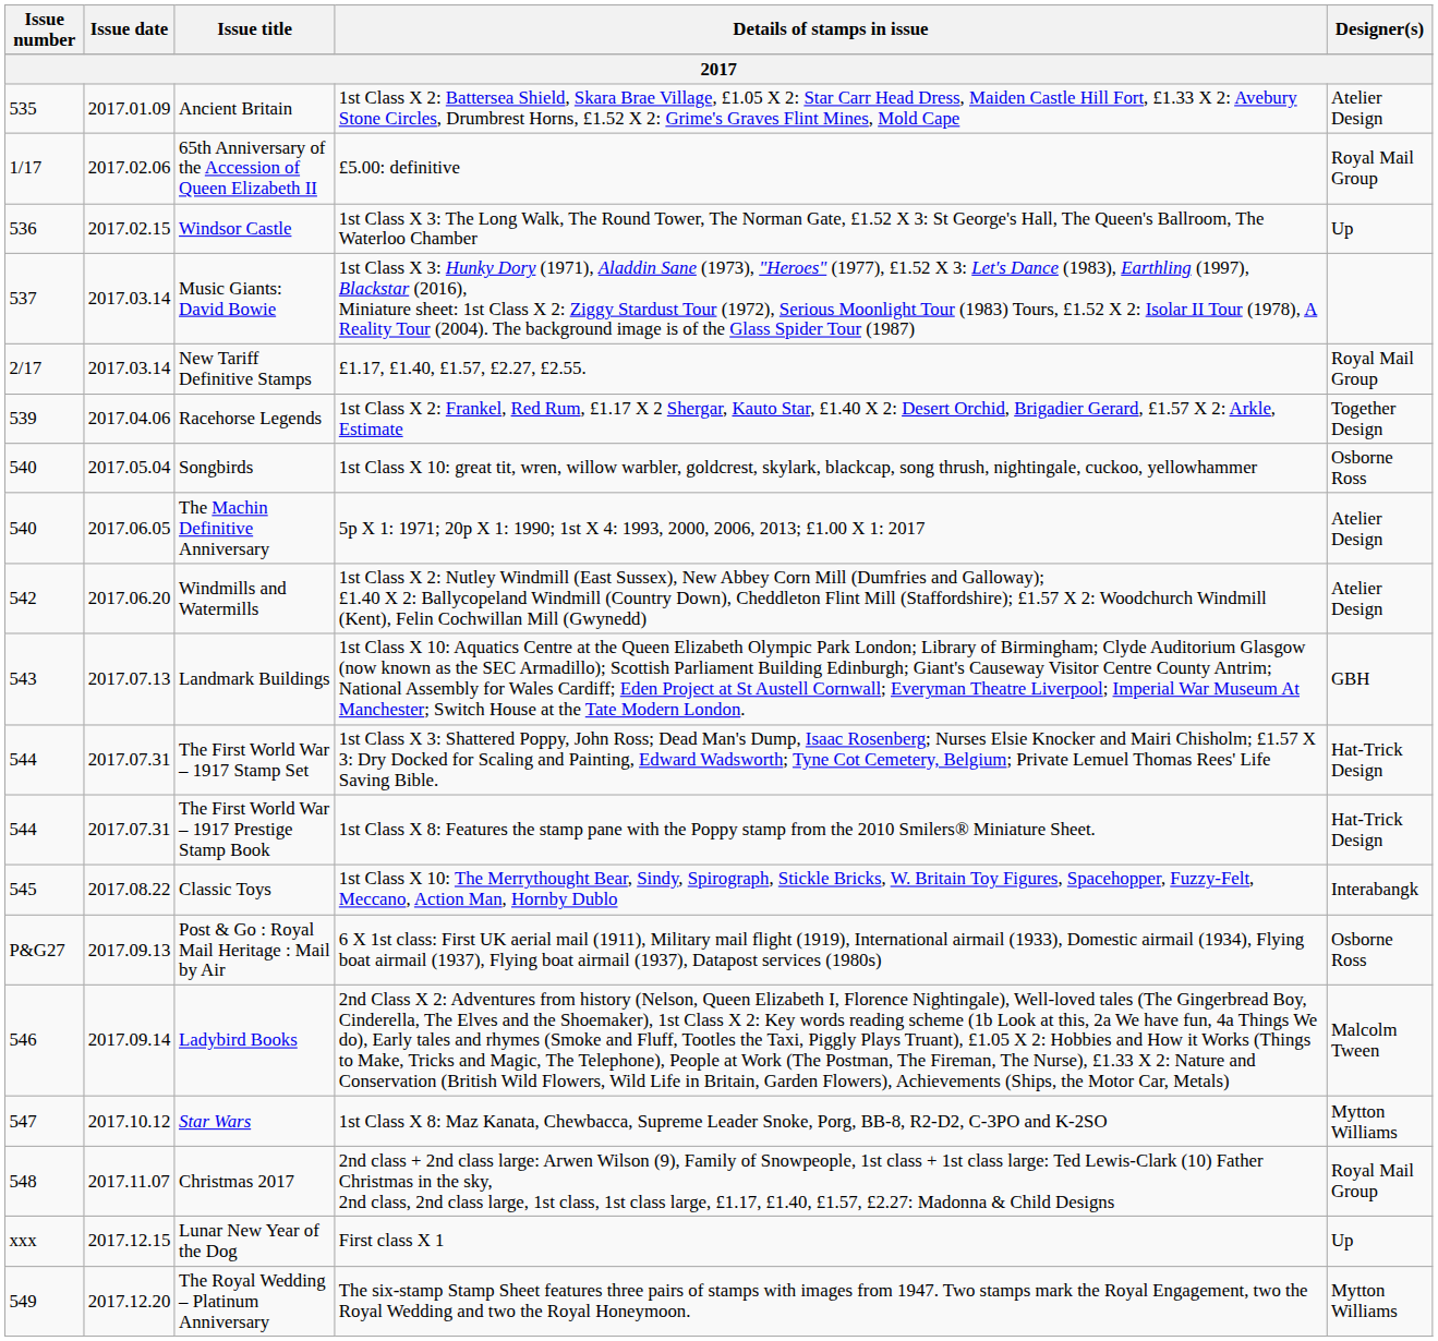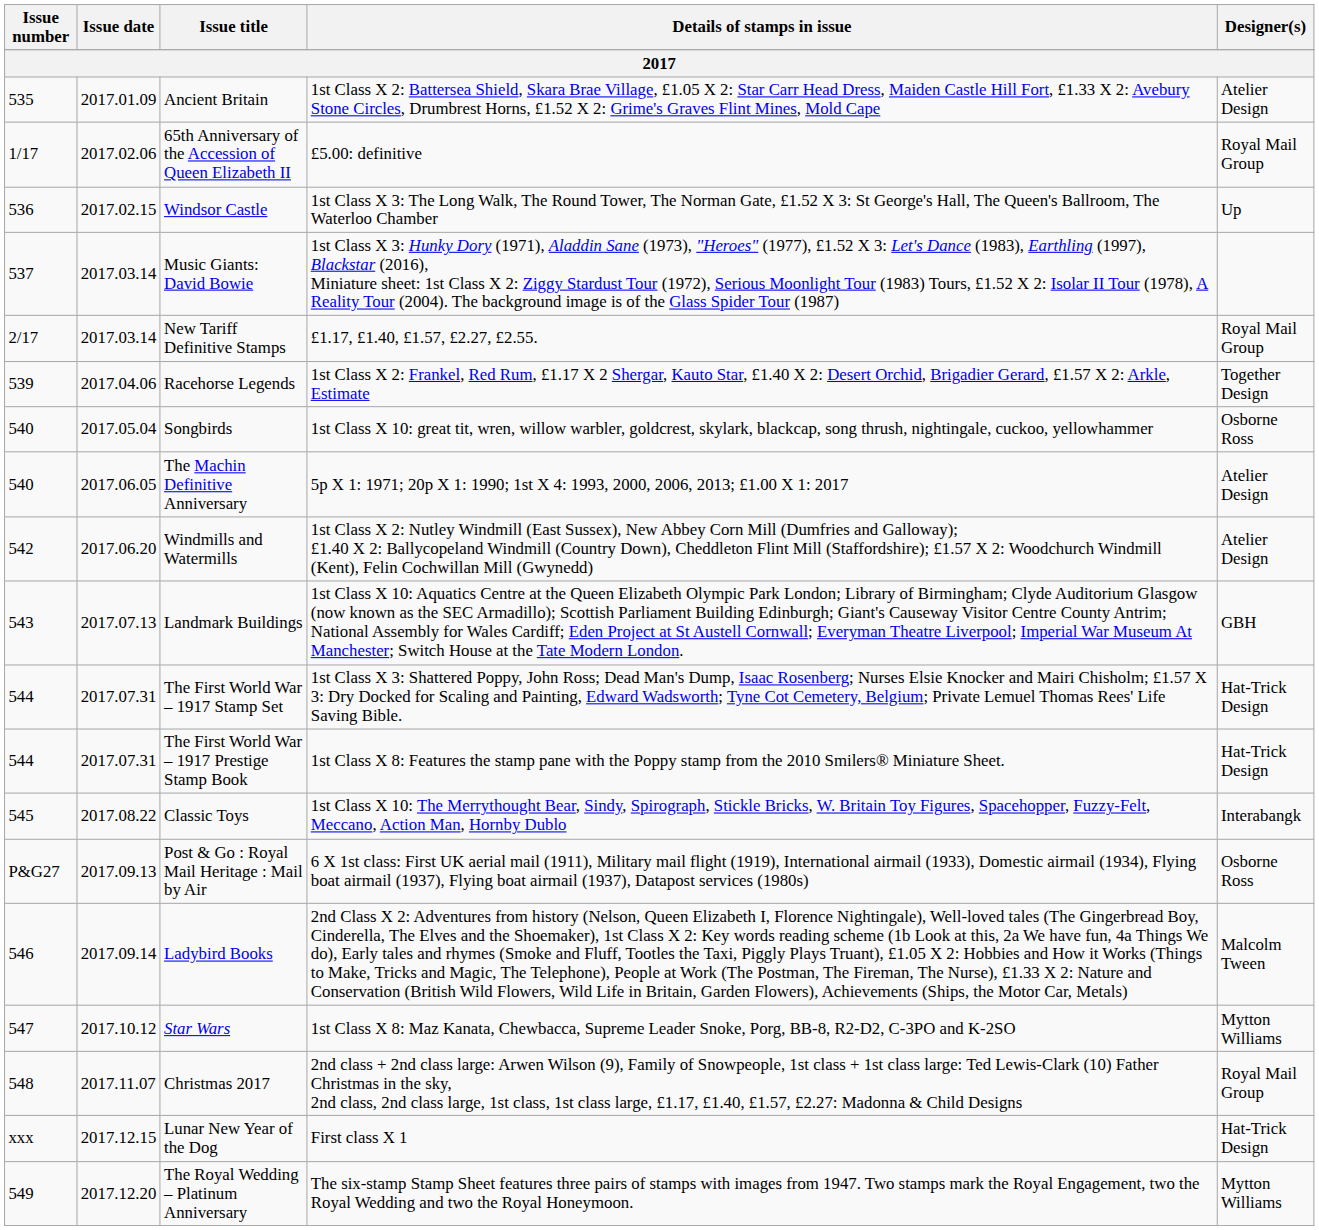 <table class="wikitable">
 <tr>
 <th>Issue number</th>
 <th>Issue date</th>
 <th>Issue title</th>
 <th>Details of stamps in issue</th>
 <th>Designer(s)</th>
 </tr>
 <tr>
 </tr>
 <tr>
 <th colspan=5>2017</th>
 </tr>
 <tr>
 <td>535</td>
 <td>2017.01.09</td>
 <td>Ancient Britain</td>
 <td>1st Class X 2: <a href='#'>Battersea Shield</a>, <a href='#'>Skara Brae Village</a>, £1.05 X 2: <a href='#'>Star Carr Head Dress</a>, <a href='#'>Maiden Castle Hill Fort</a>, £1.33 X 2: <a href='#'>Avebury Stone Circles</a>, Drumbrest Horns, £1.52 X 2: <a href='#'>Grime's Graves Flint Mines</a>, <a href='#'>Mold Cape</a></td>
 <td>Atelier Design</td>
 </tr>
 <tr>
 <td>1/17</td>
 <td>2017.02.06</td>
 <td>65th Anniversary of the <a href='#'>Accession of Queen Elizabeth II</a></td>
 <td>£5.00: definitive</td>
 <td>Royal Mail Group</td>
 </tr>
 <tr>
 <td>536</td>
 <td>2017.02.15</td>
 <td><a href='#'>Windsor Castle</a></td>
 <td>1st Class X 3: The Long Walk, The Round Tower, The Norman Gate, £1.52 X 3: St George's Hall, The Queen's Ballroom, The Waterloo Chamber</td>
 <td>Up</td>
 </tr>
 <tr>
 <td>537</td>
 <td>2017.03.14</td>
 <td>Music Giants: <a href='#'>David Bowie</a></td>
 <td>1st Class X 3: <em><a href='#'>Hunky Dory</a></em> (1971), <em><a href='#'>Aladdin Sane</a></em> (1973), <em><a href='#'>"Heroes"</a></em> (1977), £1.52 X 3: <em><a href='#'>Let's Dance</a></em> (1983), <em><a href='#'>Earthling</a></em> (1997), <em><a href='#'>Blackstar</a></em> (2016),<br>Miniature sheet: 1st Class X 2: <a href='#'>Ziggy Stardust Tour</a> (1972), <a href='#'>Serious Moonlight Tour</a> (1983) Tours, £1.52 X 2: <a href='#'>Isolar II Tour</a> (1978), <a href='#'>A Reality Tour</a> (2004). The background image is of the <a href='#'>Glass Spider Tour</a> (1987)</td>
 <td></td>
 </tr>
 <tr>
 <td>2/17</td>
 <td>2017.03.14</td>
 <td>New Tariff Definitive Stamps</td>
 <td>£1.17, £1.40, £1.57, £2.27, £2.55.</td>
 <td>Royal Mail Group</td>
 </tr>
 <tr>
 <td>539</td>
 <td>2017.04.06</td>
 <td>Racehorse Legends</td>
 <td>1st Class X 2: <a href='#'>Frankel</a>, <a href='#'>Red Rum</a>, £1.17 X 2 <a href='#'>Shergar</a>, <a href='#'>Kauto Star</a>, £1.40 X 2: <a href='#'>Desert Orchid</a>, <a href='#'>Brigadier Gerard</a>, £1.57 X 2: <a href='#'>Arkle</a>, <a href='#'>Estimate</a></td>
 <td>Together Design</td>
 </tr>
 <tr>
 <td>540</td>
 <td>2017.05.04</td>
 <td>Songbirds</td>
 <td>1st Class X 10: great tit, wren, willow warbler, goldcrest, skylark, blackcap, song thrush, nightingale, cuckoo, yellowhammer</td>
 <td>Osborne Ross</td>
 </tr>
 <tr>
 <td>540</td>
 <td>2017.06.05</td>
 <td>The <a href='#'>Machin Definitive</a> Anniversary</td>
 <td>5p X 1: 1971; 20p X 1: 1990; 1st X 4: 1993, 2000, 2006, 2013; £1.00 X 1: 2017</td>
 <td>Atelier Design</td>
 </tr>
 <tr>
 <td>542</td>
 <td>2017.06.20</td>
 <td>Windmills and Watermills</td>
 <td>1st Class X 2: Nutley Windmill (East Sussex), New Abbey Corn Mill (Dumfries and Galloway);<br>£1.40 X 2: Ballycopeland Windmill (Country Down), Cheddleton Flint Mill (Staffordshire); £1.57 X 2: Woodchurch Windmill (Kent), Felin Cochwillan Mill (Gwynedd)</td>
 <td>Atelier Design</td>
 </tr>
 <tr>
 <td>543</td>
 <td>2017.07.13</td>
 <td>Landmark Buildings</td>
 <td>1st Class X 10: Aquatics Centre at the Queen Elizabeth Olympic Park London; Library of Birmingham; Clyde Auditorium Glasgow (now known as the SEC Armadillo); Scottish Parliament Building Edinburgh; Giant's Causeway Visitor Centre County Antrim; National Assembly for Wales Cardiff; <a href='#'>Eden Project at St Austell Cornwall</a>; <a href='#'>Everyman Theatre Liverpool</a>; <a href='#'>Imperial War Museum At Manchester</a>; Switch House at the <a href='#'>Tate Modern London</a>.</td>
 <td>GBH</td>
 </tr>
 <tr>
 <td>544</td>
 <td>2017.07.31</td>
 <td>The First World War – 1917 Stamp Set</td>
 <td>1st Class X 3: Shattered Poppy, John Ross; Dead Man's Dump, <a href='#'>Isaac Rosenberg</a>; Nurses Elsie Knocker and Mairi Chisholm; £1.57 X 3: Dry Docked for Scaling and Painting, <a href='#'>Edward Wadsworth</a>; <a href='#'>Tyne Cot Cemetery, Belgium</a>; Private Lemuel Thomas Rees' Life Saving Bible.</td>
 <td>Hat-Trick Design</td>
 </tr>
 <tr>
 <td>544</td>
 <td>2017.07.31</td>
 <td>The First World War – 1917 Prestige Stamp Book</td>
 <td>1st Class X 8: Features the stamp pane with the Poppy stamp from the 2010 Smilers® Miniature Sheet.</td>
 <td>Hat-Trick Design</td>
 </tr>
 <tr>
 <td>545</td>
 <td>2017.08.22</td>
 <td>Classic Toys</td>
 <td>1st Class X 10: <a href='#'>The Merrythought Bear</a>, <a href='#'>Sindy</a>, <a href='#'>Spirograph</a>, <a href='#'>Stickle Bricks</a>, <a href='#'>W. Britain Toy Figures</a>, <a href='#'>Spacehopper</a>, <a href='#'>Fuzzy-Felt</a>, <a href='#'>Meccano</a>, <a href='#'>Action Man</a>, <a href='#'>Hornby Dublo</a></td>
 <td>Interabangk</td>
 </tr>
 <tr>
 <td>P&G27</td>
 <td>2017.09.13</td>
 <td>Post & Go : Royal Mail Heritage : Mail by Air</td>
 <td>6 X 1st class: First UK aerial mail (1911), Military mail flight (1919), International airmail (1933), Domestic airmail (1934), Flying boat airmail (1937), Flying boat airmail (1937), Datapost services (1980s)</td>
 <td>Osborne Ross</td>
 </tr>
 <tr>
 <td>546</td>
 <td>2017.09.14</td>
 <td><a href='#'>Ladybird Books</a></td>
 <td>2nd Class X 2: Adventures from history (Nelson, Queen Elizabeth I, Florence Nightingale), Well-loved tales (The Gingerbread Boy, Cinderella, The Elves and the Shoemaker), 1st Class X 2: Key words reading scheme (1b Look at this, 2a We have fun, 4a Things We do), Early tales and rhymes (Smoke and Fluff, Tootles the Taxi, Piggly Plays Truant), £1.05 X 2: Hobbies and How it Works (Things to Make, Tricks and Magic, The Telephone), People at Work (The Postman, The Fireman, The Nurse), £1.33 X 2: Nature and Conservation (British Wild Flowers, Wild Life in Britain, Garden Flowers), Achievements (Ships, the Motor Car, Metals)</td>
 <td>Malcolm Tween</td>
 </tr>
 <tr>
 <td>547</td>
 <td>2017.10.12</td>
 <td><em><a href='#'>Star Wars</a></em></td>
 <td>1st Class X 8: Maz Kanata, Chewbacca, Supreme Leader Snoke, Porg, BB-8, R2-D2, C-3PO and K-2SO</td>
 <td>Mytton Williams</td>
 </tr>
 <tr>
 <td>548</td>
 <td>2017.11.07</td>
 <td>Christmas 2017</td>
 <td>2nd class + 2nd class large: Arwen Wilson (9), Family of Snowpeople, 1st class + 1st class large: Ted Lewis-Clark (10) Father Christmas in the sky,<br>2nd class, 2nd class large, 1st class, 1st class large, £1.17, £1.40, £1.57, £2.27: Madonna & Child Designs</td>
 <td>Royal Mail Group</td>
 </tr>
 <tr>
 <td>xxx</td>
 <td>2017.12.15</td>
 <td>Lunar New Year of the Dog</td>
 <td>First class X 1</td>
-<td>Up</td>
+<td>Hat-Trick Design</td>
 </tr>
 <tr>
 <td>549</td>
 <td>2017.12.20</td>
 <td>The Royal Wedding – Platinum Anniversary</td>
 <td>The six-stamp Stamp Sheet features three pairs of stamps with images from 1947. Two stamps mark the Royal Engagement, two the Royal Wedding and two the Royal Honeymoon.</td>
 <td>Mytton Williams</td>
 </tr>
 <tr>
 </tr>
 </table>
